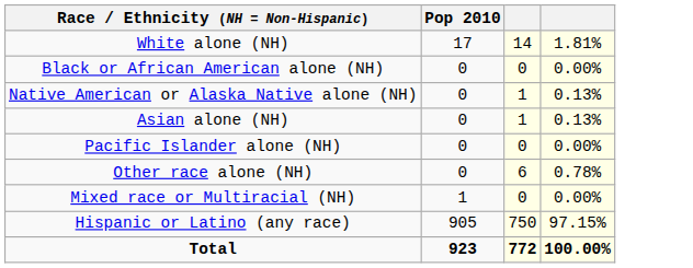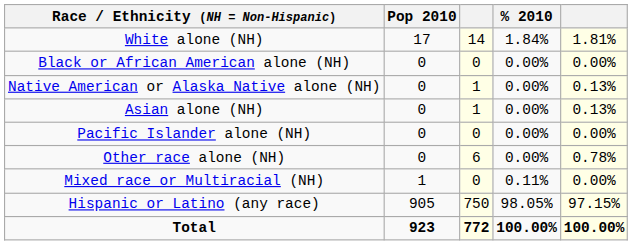 <table class="wikitable" style="text-align:center;">
 <tr>
 <th>Race / Ethnicity <small>(<em>NH = Non-Hispanic</em>)</small></th>
 <th>Pop 2010</th>
 <th></th>
+<th>% 2010</th>
 <th></th>
 </tr>
 <tr>
 <td><a href='#'>White</a> alone (NH)</td>
 <td>17</td>
 <td style='background: #ffffe6;'>14</td>
+<td>1.84%</td>
 <td style='background: #ffffe6;'>1.81%</td>
 </tr>
 <tr>
 <td><a href='#'>Black or African American</a> alone (NH)</td>
 <td>0</td>
 <td style='background: #ffffe6;'>0</td>
+<td>0.00%</td>
 <td style='background: #ffffe6;'>0.00%</td>
 </tr>
 <tr>
 <td><a href='#'>Native American</a> or <a href='#'>Alaska Native</a> alone (NH)</td>
 <td>0</td>
 <td style='background: #ffffe6;'>1</td>
+<td>0.00%</td>
 <td style='background: #ffffe6;'>0.13%</td>
 </tr>
 <tr>
 <td><a href='#'>Asian</a> alone (NH)</td>
 <td>0</td>
 <td style='background: #ffffe6;'>1</td>
+<td>0.00%</td>
 <td style='background: #ffffe6;'>0.13%</td>
 </tr>
 <tr>
 <td><a href='#'>Pacific Islander</a> alone (NH)</td>
 <td>0</td>
 <td style='background: #ffffe6;'>0</td>
+<td>0.00%</td>
 <td style='background: #ffffe6;'>0.00%</td>
 </tr>
 <tr>
 <td><a href='#'>Other race</a> alone (NH)</td>
 <td>0</td>
 <td style='background: #ffffe6;'>6</td>
+<td>0.00%</td>
 <td style='background: #ffffe6;'>0.78%</td>
 </tr>
 <tr>
 <td><a href='#'>Mixed race or Multiracial</a> (NH)</td>
 <td>1</td>
 <td style='background: #ffffe6;'>0</td>
+<td>0.11%</td>
 <td style='background: #ffffe6;'>0.00%</td>
 </tr>
 <tr>
 <td><a href='#'>Hispanic or Latino</a> (any race)</td>
 <td>905</td>
 <td style='background: #ffffe6;'>750</td>
+<td>98.05%</td>
 <td style='background: #ffffe6;'>97.15%</td>
 </tr>
 <tr>
 <td><strong>Total</strong></td>
 <td><strong>923</strong></td>
 <td style='background: #ffffe6;'><strong>772</strong></td>
+<td><strong>100.00%</strong></td>
 <td style='background: #ffffe6;'><strong>100.00%</strong></td>
 </tr>
 </table>
